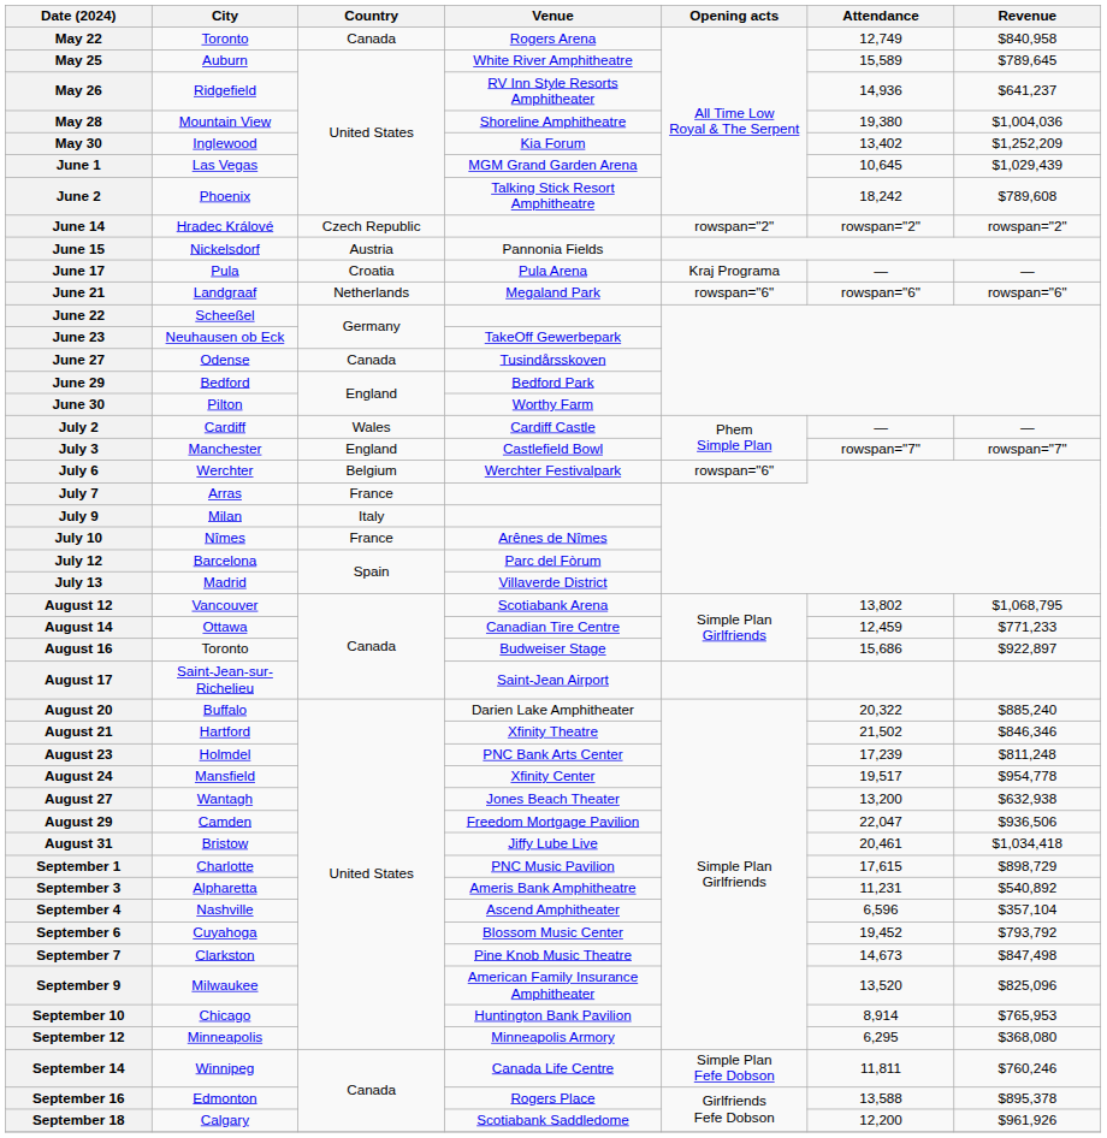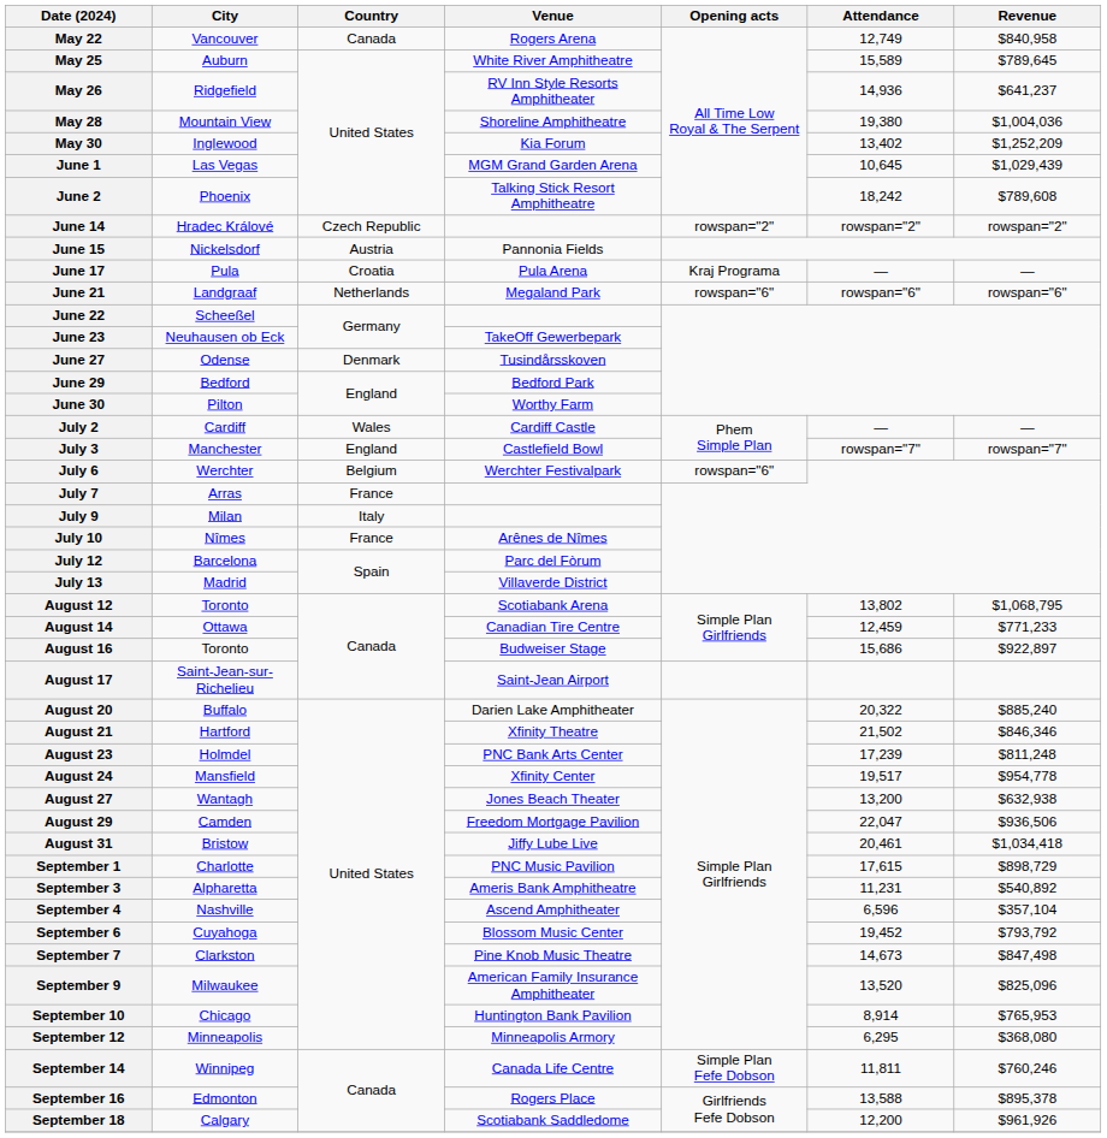 <table class="wikitable plainrowheaders" style="text-align:center;">
 <tr>
 <th scope="col" style="width:10em;">Date (2024)</th>
 <th scope="col" style="width:10em;">City</th>
 <th scope="col" style="width:10em;">Country</th>
 <th scope="col" style="width:15em;">Venue</th>
 <th scope="col" style="width:10em;">Opening acts</th>
 <th scope="col" style="width:10em;">Attendance</th>
 <th scope="col" style="width:10em;">Revenue</th>
 </tr>
 <tr>
 <th scope="row" style="text-align:center;">May 22</th>
-<td><a href='#'>Toronto</a></td>
+<td><a href='#'>Vancouver</a></td>
 <td>Canada</td>
 <td><a href='#'>Rogers Arena</a></td>
 <td rowspan="7"><a href='#'>All Time Low</a><br><a href='#'>Royal & The Serpent</a></td>
 <td>12,749</td>
 <td>$840,958</td>
 </tr>
 <tr>
 <th scope="row" style="text-align:center;">May 25</th>
 <td><a href='#'>Auburn</a></td>
 <td rowspan="6">United States</td>
 <td><a href='#'>White River Amphitheatre</a></td>
 <td>15,589</td>
 <td>$789,645</td>
 </tr>
 <tr>
 <th scope="row" style="text-align:center;">May 26</th>
 <td><a href='#'>Ridgefield</a></td>
 <td><a href='#'>RV Inn Style Resorts Amphitheater</a></td>
 <td>14,936</td>
 <td>$641,237</td>
 </tr>
 <tr>
 <th scope="row" style="text-align:center;">May 28</th>
 <td><a href='#'>Mountain View</a></td>
 <td><a href='#'>Shoreline Amphitheatre</a></td>
 <td>19,380</td>
 <td>$1,004,036</td>
 </tr>
 <tr>
 <th scope="row" style="text-align:center;">May 30</th>
 <td><a href='#'>Inglewood</a></td>
 <td><a href='#'>Kia Forum</a></td>
 <td>13,402</td>
 <td>$1,252,209</td>
 </tr>
 <tr>
 <th scope="row" style="text-align:center;">June 1</th>
 <td><a href='#'>Las Vegas</a></td>
 <td><a href='#'>MGM Grand Garden Arena</a></td>
 <td>10,645</td>
 <td>$1,029,439</td>
 </tr>
 <tr>
 <th scope="row" style="text-align:center;">June 2</th>
 <td><a href='#'>Phoenix</a></td>
 <td><a href='#'>Talking Stick Resort Amphitheatre</a></td>
 <td>18,242</td>
 <td>$789,608</td>
 </tr>
 <tr>
 <th scope="row" style="text-align:center;">June 14</th>
 <td><a href='#'>Hradec Králové</a></td>
 <td>Czech Republic</td>
 <td></td>
 <td>rowspan="2" </td>
 <td>rowspan="2" </td>
 <td>rowspan="2" </td>
 </tr>
 <tr>
 <th scope="row" style="text-align:center;">June 15</th>
 <td><a href='#'>Nickelsdorf</a></td>
 <td>Austria</td>
 <td>Pannonia Fields</td>
 </tr>
 <tr>
 <th scope="row" style="text-align:center;">June 17</th>
 <td><a href='#'>Pula</a></td>
 <td>Croatia</td>
 <td><a href='#'>Pula Arena</a></td>
 <td>Kraj Programa</td>
 <td>—</td>
 <td>—</td>
 </tr>
 <tr>
 <th scope="row" style="text-align:center;">June 21</th>
 <td><a href='#'>Landgraaf</a></td>
 <td>Netherlands</td>
 <td><a href='#'>Megaland Park</a></td>
 <td>rowspan="6" </td>
 <td>rowspan="6" </td>
 <td>rowspan="6" </td>
 </tr>
 <tr>
 <th scope="row" style="text-align:center;">June 22</th>
 <td><a href='#'>Scheeßel</a></td>
 <td rowspan="2">Germany</td>
 <td></td>
 </tr>
 <tr>
 <th scope="row" style="text-align:center;">June 23</th>
 <td><a href='#'>Neuhausen ob Eck</a></td>
 <td><a href='#'>TakeOff Gewerbepark</a></td>
 </tr>
 <tr>
 <th scope="row" style="text-align:center;">June 27</th>
 <td><a href='#'>Odense</a></td>
-<td>Canada</td>
+<td>Denmark</td>
 <td><a href='#'>Tusindårsskoven</a></td>
 </tr>
 <tr>
 <th scope="row" style="text-align:center;">June 29</th>
 <td><a href='#'>Bedford</a></td>
 <td rowspan="2">England</td>
 <td><a href='#'>Bedford Park</a></td>
 </tr>
 <tr>
 <th scope="row" style="text-align:center;">June 30</th>
 <td><a href='#'>Pilton</a></td>
 <td><a href='#'>Worthy Farm</a></td>
 </tr>
 <tr>
 <th scope="row" style="text-align:center;">July 2</th>
 <td><a href='#'>Cardiff</a></td>
 <td>Wales</td>
 <td><a href='#'>Cardiff Castle</a></td>
 <td rowspan="2">Phem<br><a href='#'>Simple Plan</a></td>
 <td>—</td>
 <td>—</td>
 </tr>
 <tr>
 <th scope="row" style="text-align:center;">July 3</th>
 <td><a href='#'>Manchester</a></td>
 <td>England</td>
 <td><a href='#'>Castlefield Bowl</a></td>
 <td>rowspan="7" </td>
 <td>rowspan="7" </td>
 </tr>
 <tr>
 <th scope="row" style="text-align:center;">July 6</th>
 <td><a href='#'>Werchter</a></td>
 <td>Belgium</td>
 <td><a href='#'>Werchter Festivalpark</a></td>
 <td>rowspan="6" </td>
 </tr>
 <tr>
 <th scope="row" style="text-align:center;">July 7</th>
 <td><a href='#'>Arras</a></td>
 <td>France</td>
 <td></td>
 </tr>
 <tr>
 <th scope="row" style="text-align:center;">July 9</th>
 <td><a href='#'>Milan</a></td>
 <td>Italy</td>
 <td></td>
 </tr>
 <tr>
 <th scope="row" style="text-align:center;">July 10</th>
 <td><a href='#'>Nîmes</a></td>
 <td>France</td>
 <td><a href='#'>Arênes de Nîmes</a></td>
 </tr>
 <tr>
 <th scope="row" style="text-align:center;">July 12</th>
 <td><a href='#'>Barcelona</a></td>
 <td rowspan="2">Spain</td>
 <td><a href='#'>Parc del Fòrum</a></td>
 </tr>
 <tr>
 <th scope="row" style="text-align:center;">July 13</th>
 <td><a href='#'>Madrid</a></td>
 <td><a href='#'>Villaverde District</a></td>
 </tr>
 <tr>
 <th scope="row" style="text-align:center;">August 12</th>
-<td><a href='#'>Vancouver</a></td>
+<td><a href='#'>Toronto</a></td>
 <td rowspan="4">Canada</td>
 <td><a href='#'>Scotiabank Arena</a></td>
 <td rowspan="3">Simple Plan<br><a href='#'>Girlfriends</a></td>
 <td>13,802</td>
 <td>$1,068,795</td>
 </tr>
 <tr>
 <th scope="row" style="text-align:center;">August 14</th>
 <td><a href='#'>Ottawa</a></td>
 <td><a href='#'>Canadian Tire Centre</a></td>
 <td>12,459</td>
 <td>$771,233</td>
 </tr>
 <tr>
 <th scope="row" style="text-align:center;">August 16</th>
 <td>Toronto</td>
 <td><a href='#'>Budweiser Stage</a></td>
 <td>15,686</td>
 <td>$922,897</td>
 </tr>
 <tr>
 <th scope="row" style="text-align:center;">August 17</th>
 <td><a href='#'>Saint-Jean-sur-Richelieu</a></td>
 <td><a href='#'>Saint-Jean Airport</a></td>
 <td></td>
 <td></td>
 <td></td>
 </tr>
 <tr>
 <th scope="row" style="text-align:center;">August 20</th>
 <td><a href='#'>Buffalo</a></td>
 <td rowspan="15">United States</td>
 <td>Darien Lake Amphitheater</td>
 <td rowspan="15">Simple Plan<br>Girlfriends</td>
 <td>20,322</td>
 <td>$885,240</td>
 </tr>
 <tr>
 <th scope="row" style="text-align:center;">August 21</th>
 <td><a href='#'>Hartford</a></td>
 <td><a href='#'>Xfinity Theatre</a></td>
 <td>21,502</td>
 <td>$846,346</td>
 </tr>
 <tr>
 <th scope="row" style="text-align:center;">August 23</th>
 <td><a href='#'>Holmdel</a></td>
 <td><a href='#'>PNC Bank Arts Center</a></td>
 <td>17,239</td>
 <td>$811,248</td>
 </tr>
 <tr>
 <th scope="row" style="text-align:center;">August 24</th>
 <td><a href='#'>Mansfield</a></td>
 <td><a href='#'>Xfinity Center</a></td>
 <td>19,517</td>
 <td>$954,778</td>
 </tr>
 <tr>
 <th scope="row" style="text-align:center;">August 27</th>
 <td><a href='#'>Wantagh</a></td>
 <td><a href='#'>Jones Beach Theater</a></td>
 <td>13,200</td>
 <td>$632,938</td>
 </tr>
 <tr>
 <th scope="row" style="text-align:center;">August 29</th>
 <td><a href='#'>Camden</a></td>
 <td><a href='#'>Freedom Mortgage Pavilion</a></td>
 <td>22,047</td>
 <td>$936,506</td>
 </tr>
 <tr>
 <th scope="row" style="text-align:center;">August 31</th>
 <td><a href='#'>Bristow</a></td>
 <td><a href='#'>Jiffy Lube Live</a></td>
 <td>20,461</td>
 <td>$1,034,418</td>
 </tr>
 <tr>
 <th scope="row" style="text-align:center;">September 1</th>
 <td><a href='#'>Charlotte</a></td>
 <td><a href='#'>PNC Music Pavilion</a></td>
 <td>17,615</td>
 <td>$898,729</td>
 </tr>
 <tr>
 <th scope="row" style="text-align:center;">September 3</th>
 <td><a href='#'>Alpharetta</a></td>
 <td><a href='#'>Ameris Bank Amphitheatre</a></td>
 <td>11,231</td>
 <td>$540,892</td>
 </tr>
 <tr>
 <th scope="row" style="text-align:center;">September 4</th>
 <td><a href='#'>Nashville</a></td>
 <td><a href='#'>Ascend Amphitheater</a></td>
 <td>6,596</td>
 <td>$357,104</td>
 </tr>
 <tr>
 <th scope="row" style="text-align:center;">September 6</th>
 <td><a href='#'>Cuyahoga</a></td>
 <td><a href='#'>Blossom Music Center</a></td>
 <td>19,452</td>
 <td>$793,792</td>
 </tr>
 <tr>
 <th scope="row" style="text-align:center;">September 7</th>
 <td><a href='#'>Clarkston</a></td>
 <td><a href='#'>Pine Knob Music Theatre</a></td>
 <td>14,673</td>
 <td>$847,498</td>
 </tr>
 <tr>
 <th scope="row" style="text-align:center;">September 9</th>
 <td><a href='#'>Milwaukee</a></td>
 <td><a href='#'>American Family Insurance Amphitheater</a></td>
 <td>13,520</td>
 <td>$825,096</td>
 </tr>
 <tr>
 <th scope="row" style="text-align:center;">September 10</th>
 <td><a href='#'>Chicago</a></td>
 <td><a href='#'>Huntington Bank Pavilion</a></td>
 <td>8,914</td>
 <td>$765,953</td>
 </tr>
 <tr>
 <th scope="row" style="text-align:center;">September 12</th>
 <td><a href='#'>Minneapolis</a></td>
 <td><a href='#'>Minneapolis Armory</a></td>
 <td>6,295</td>
 <td>$368,080</td>
 </tr>
 <tr>
 <th scope="row" style="text-align:center;">September 14</th>
 <td><a href='#'>Winnipeg</a></td>
 <td rowspan="3">Canada</td>
 <td><a href='#'>Canada Life Centre</a></td>
 <td>Simple Plan<br><a href='#'>Fefe Dobson</a></td>
 <td>11,811</td>
 <td>$760,246</td>
 </tr>
 <tr>
 <th scope="row" style="text-align:center;">September 16</th>
 <td><a href='#'>Edmonton</a></td>
 <td><a href='#'>Rogers Place</a></td>
 <td rowspan="2">Girlfriends<br>Fefe Dobson</td>
 <td>13,588</td>
 <td>$895,378</td>
 </tr>
 <tr>
 <th scope="row" style="text-align:center;">September 18</th>
 <td><a href='#'>Calgary</a></td>
 <td><a href='#'>Scotiabank Saddledome</a></td>
 <td>12,200</td>
 <td>$961,926</td>
 </tr>
 <tr>
 </tr>
 </table>
